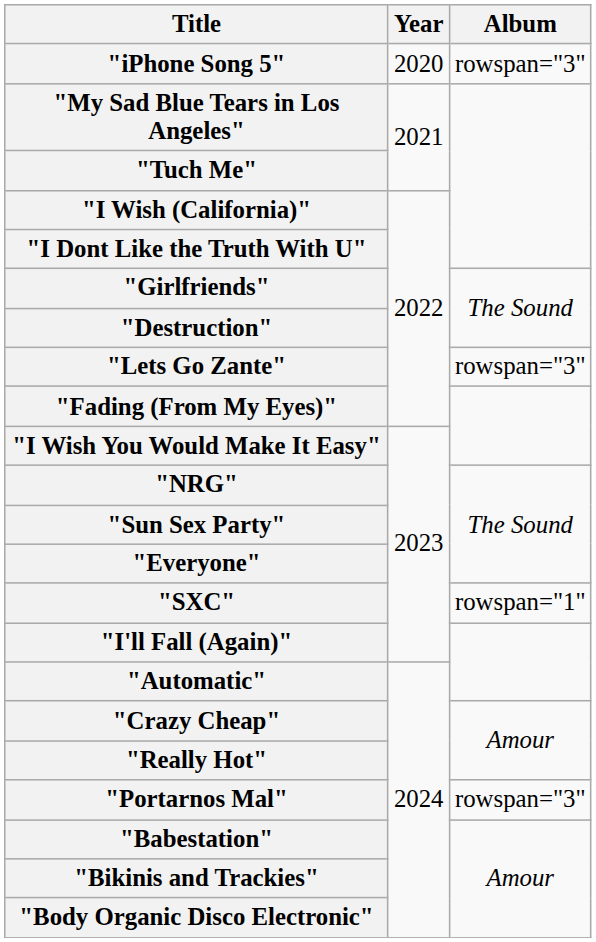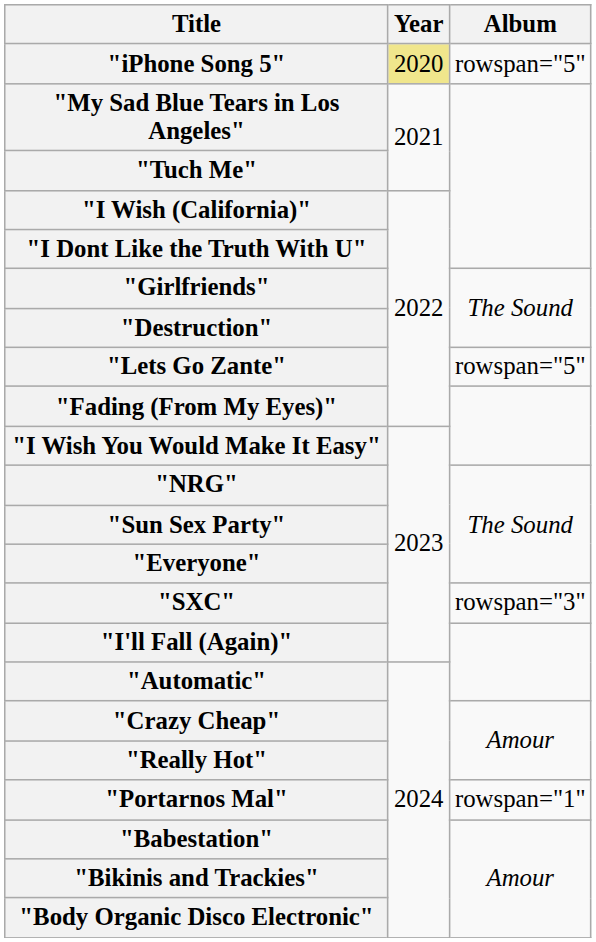 <table class="wikitable plainrowheaders" style="text-align:center;">
 <tr>
 <th scope="col" style="width:15em;">Title</th>
 <th scope="col">Year</th>
 <th scope="col">Album</th>
 </tr>
 <tr>
 <th scope="row">"iPhone Song 5"</th>
-<td>2020</td>
-<td>rowspan="3" </td>
+<td style="background: khaki;">2020</td>
+<td>rowspan="5" </td>
 </tr>
 <tr>
 <th scope="row">"My Sad Blue Tears in Los Angeles"</th>
 <td rowspan="2">2021</td>
 </tr>
 <tr>
 <th scope="row">"Tuch Me"</th>
 </tr>
 <tr>
 <th scope="row">"I Wish (California)"</th>
 <td rowspan="6">2022</td>
 </tr>
 <tr>
 <th scope="row">"I Dont Like the Truth With U"</th>
 </tr>
 <tr>
 <th scope="row">"Girlfriends"</th>
 <td rowspan="2"><em>The Sound</em></td>
 </tr>
 <tr>
 <th scope="row">"Destruction"</th>
 </tr>
 <tr>
 <th scope="row">"Lets Go Zante"</th>
-<td>rowspan="3" </td>
+<td>rowspan="5" </td>
 </tr>
 <tr>
 <th scope="row">"Fading (From My Eyes)"</th>
 </tr>
 <tr>
 <th scope="row">"I Wish You Would Make It Easy"</th>
 <td rowspan="6">2023</td>
 </tr>
 <tr>
 <th scope="row">"NRG"</th>
 <td rowspan="3"><em>The Sound</em></td>
 </tr>
 <tr>
 <th scope="row">"Sun Sex Party"</th>
 </tr>
 <tr>
 <th scope="row">"Everyone"</th>
 </tr>
 <tr>
 <th scope="row">"SXC"<br></th>
-<td>rowspan="1" </td>
+<td>rowspan="3" </td>
 </tr>
 <tr>
 <th scope="row">"I'll Fall (Again)"</th>
 </tr>
 <tr>
 <th scope="row">"Automatic"</th>
 <td rowspan="7">2024</td>
 </tr>
 <tr>
 <th scope="row">"Crazy Cheap"<br></th>
 <td rowspan="2"><em>Amour</em></td>
 </tr>
 <tr>
 <th scope="row">"Really Hot"</th>
 </tr>
 <tr>
 <th scope="row">"Portarnos Mal"<br></th>
-<td>rowspan="3" </td>
+<td>rowspan="1" </td>
 </tr>
 <tr>
 <th scope="row">"Babestation"</th>
 <td rowspan="3"><em>Amour</em></td>
 </tr>
 <tr>
 <th scope="row">"Bikinis and Trackies"<br></th>
 </tr>
 <tr>
 <th scope="row">"Body Organic Disco Electronic"</th>
 </tr>
 </table>
